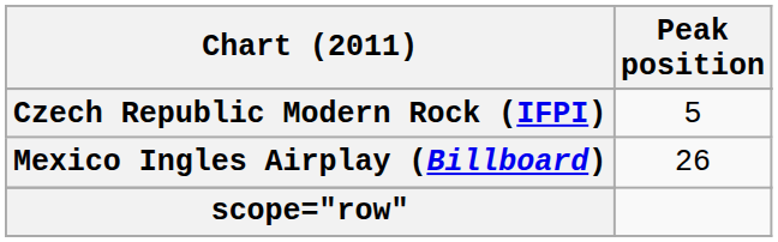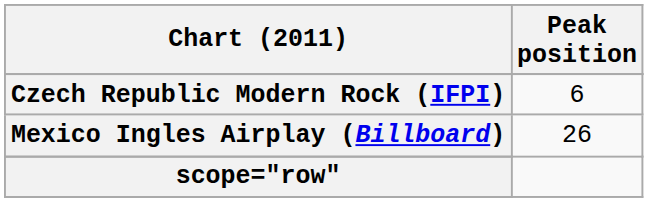 <table class="wikitable sortable plainrowheaders" style="text-align:center;">
 <tr>
 <th scope="col">Chart (2011)</th>
 <th scope="col">Peak<br>position</th>
 </tr>
 <tr>
 </tr>
 <tr>
 </tr>
 <tr>
 </tr>
 <tr>
 <th scope="row">Czech Republic Modern Rock (<a href='#'>IFPI</a>)</th>
-<td>5</td>
+<td>6</td>
 </tr>
 <tr>
 <th scope="row">Mexico Ingles Airplay (<em><a href='#'>Billboard</a></em>)</th>
 <td>26</td>
 </tr>
 <tr>
 </tr>
 <tr>
 </tr>
 <tr>
 </tr>
 <tr>
 <th>scope="row"</th>
 </tr>
 <tr>
 </tr>
 </table>
